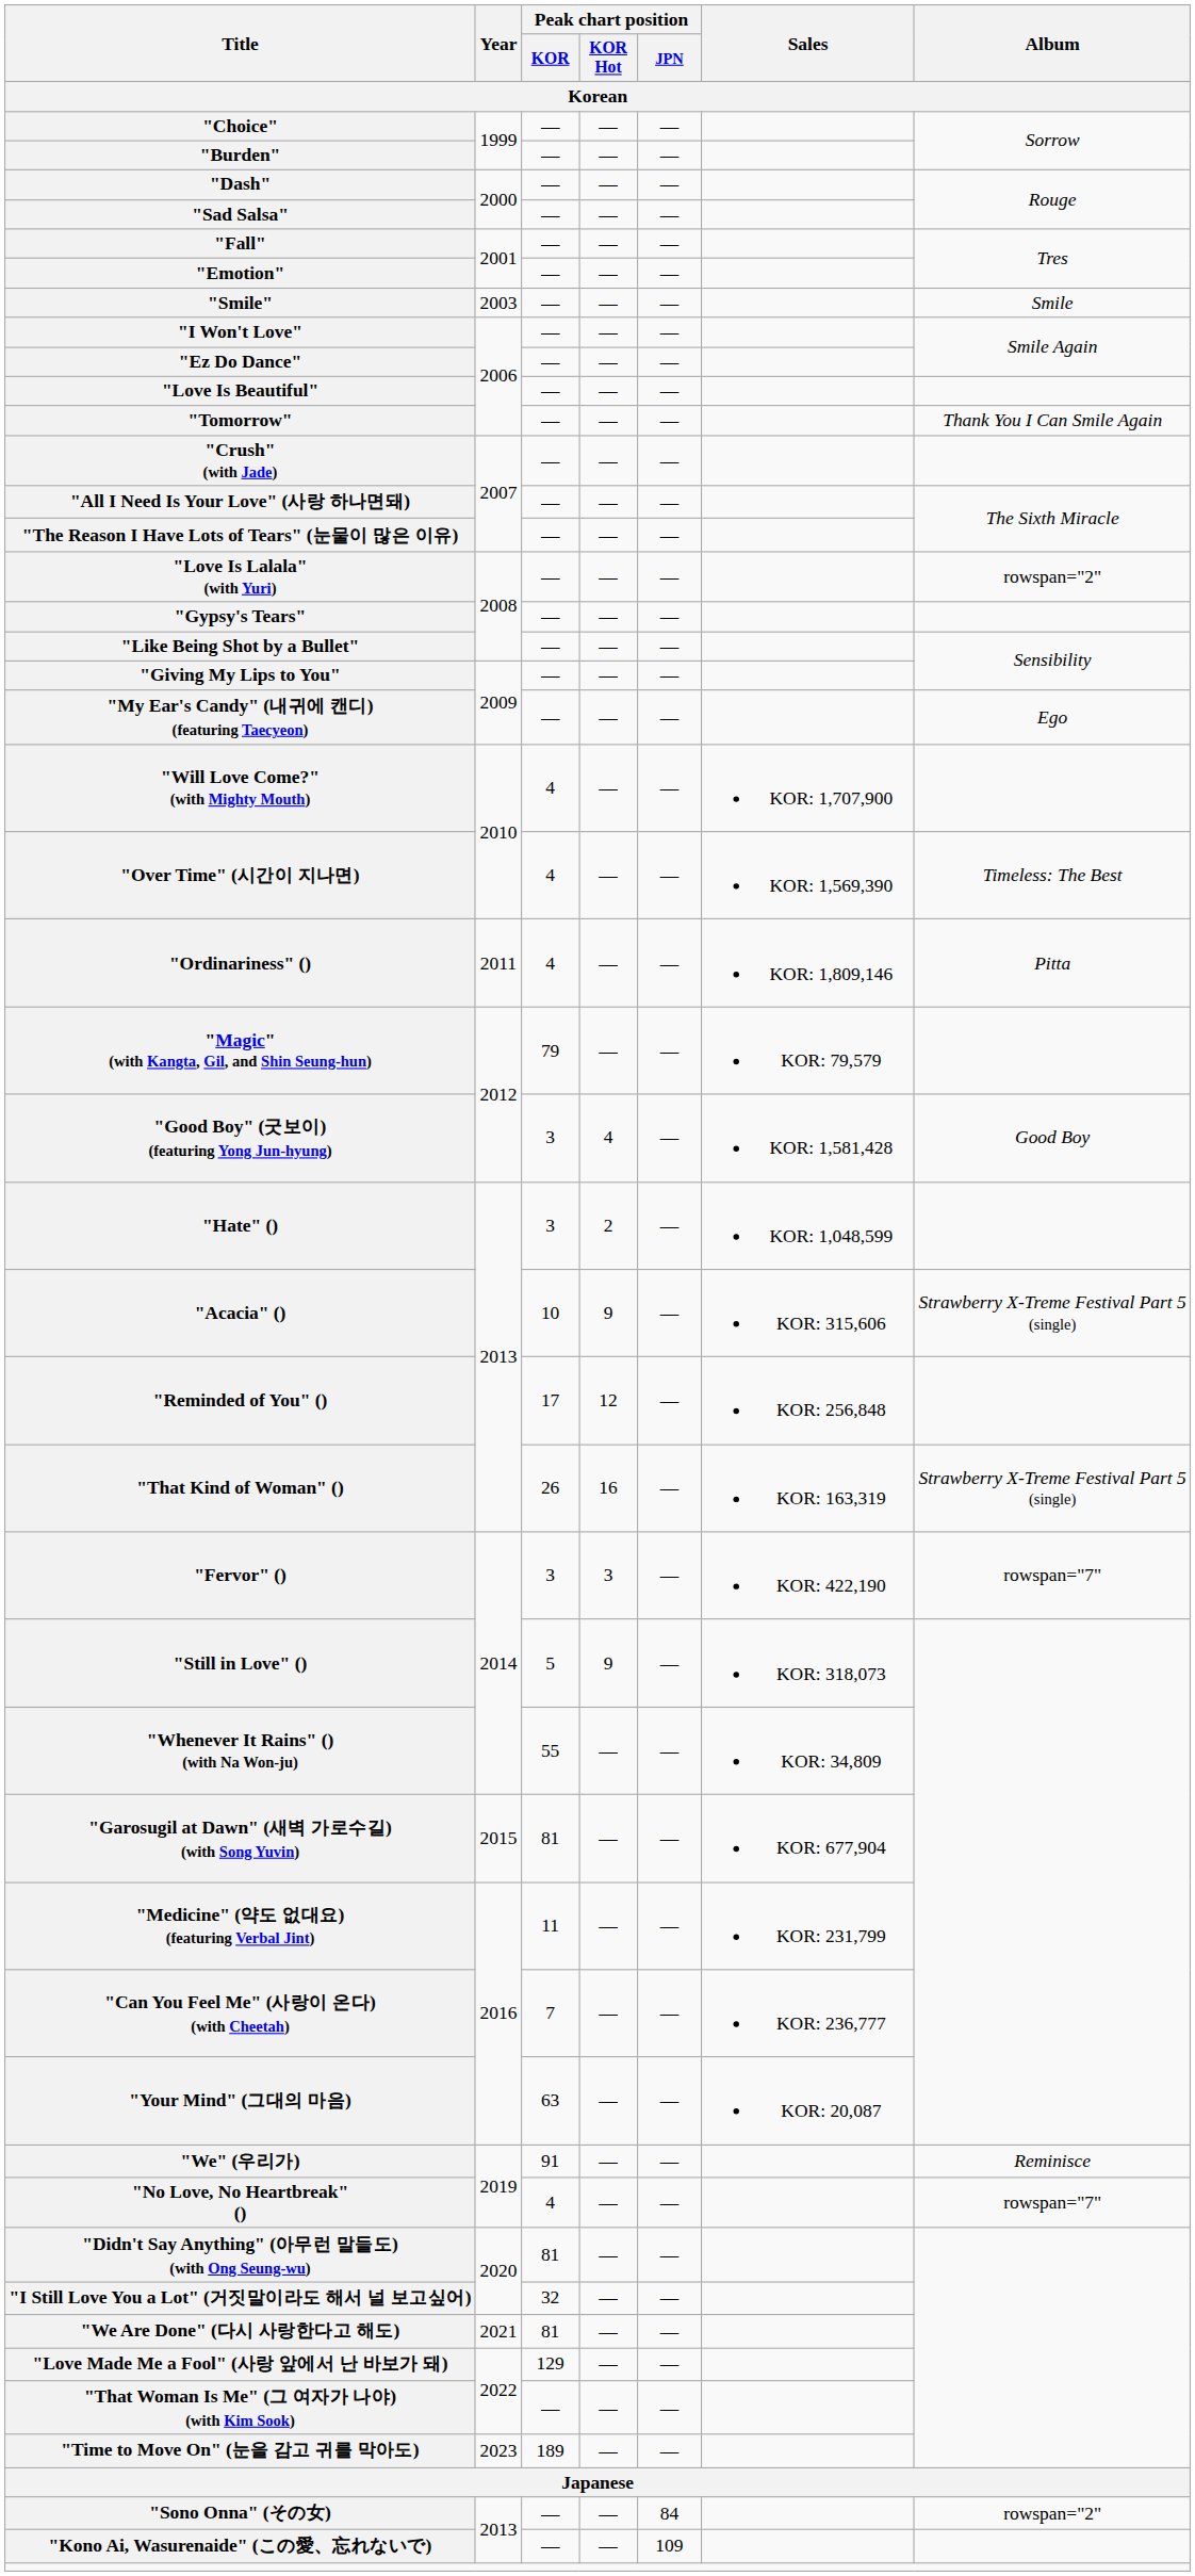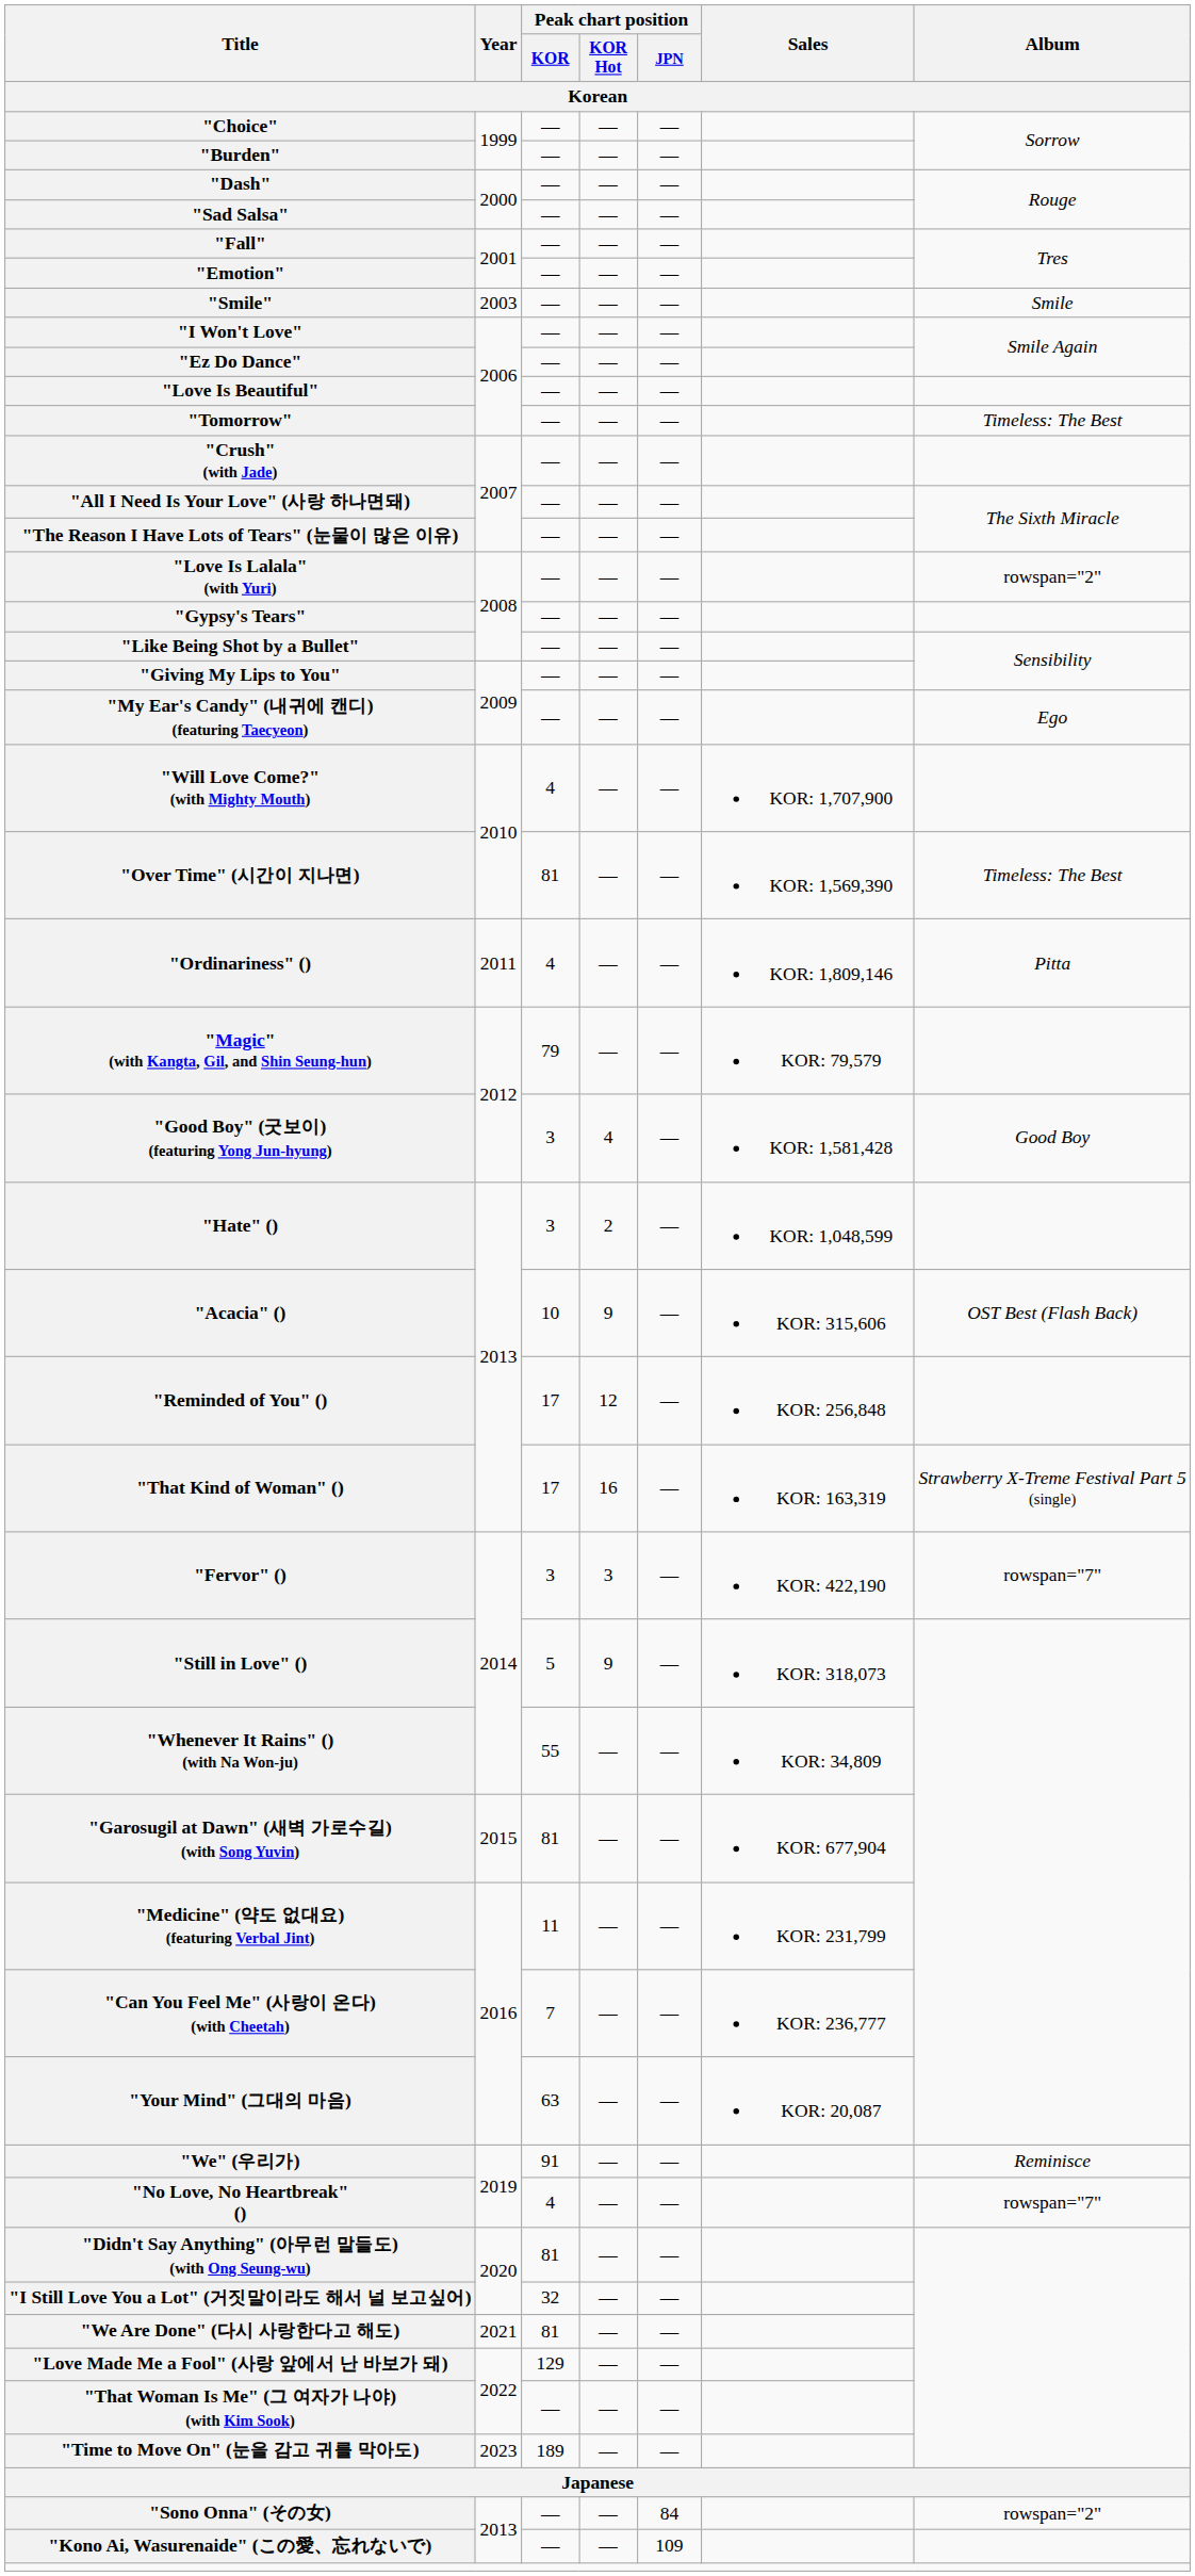 <table class="wikitable plainrowheaders" style="text-align:center;">
 <tr>
 <th scope="col" rowspan="2">Title</th>
 <th scope="col" rowspan="2">Year</th>
 <th scope="col" colspan="3">Peak chart position</th>
 <th scope="col" rowspan="2" style="width:11em;">Sales</th>
 <th scope="col" rowspan="2">Album</th>
 </tr>
 <tr>
 <th scope="col" style="width:3em;font-size:90%;"><a href='#'>KOR</a><br></th>
 <th scope="col" style="width:3em;font-size:90%;"><a href='#'>KOR Hot</a><br></th>
 <th scope="col" style="width:3em"><small><a href='#'>JPN</a></small><br></th>
 </tr>
 <tr>
 <th colspan="7">Korean</th>
 </tr>
 <tr>
 <th scope="row">"Choice"</th>
 <td rowspan="2">1999</td>
 <td>—</td>
 <td>—</td>
 <td>—</td>
 <td></td>
 <td rowspan="2"><em>Sorrow</em></td>
 </tr>
 <tr>
 <th scope="row">"Burden"</th>
 <td>—</td>
 <td>—</td>
 <td>—</td>
 <td></td>
 </tr>
 <tr>
 <th scope="row">"Dash"</th>
 <td rowspan="2">2000</td>
 <td>—</td>
 <td>—</td>
 <td>—</td>
 <td></td>
 <td rowspan="2"><em>Rouge</em></td>
 </tr>
 <tr>
 <th scope="row">"Sad Salsa"</th>
 <td>—</td>
 <td>—</td>
 <td>—</td>
 </tr>
 <tr>
 <th scope="row">"Fall"</th>
 <td rowspan="2">2001</td>
 <td>—</td>
 <td>—</td>
 <td>—</td>
 <td></td>
 <td rowspan="2"><em>Tres</em></td>
 </tr>
 <tr>
 <th scope="row">"Emotion"</th>
 <td>—</td>
 <td>—</td>
 <td>—</td>
 <td></td>
 </tr>
 <tr>
 <th scope="row">"Smile"</th>
 <td>2003</td>
 <td>—</td>
 <td>—</td>
 <td>—</td>
 <td></td>
 <td><em>Smile</em></td>
 </tr>
 <tr>
 <th scope="row">"I Won't Love"</th>
 <td rowspan="4">2006</td>
 <td>—</td>
 <td>—</td>
 <td>—</td>
 <td></td>
 <td rowspan="2"><em>Smile Again</em></td>
 </tr>
 <tr>
 <th scope="row">"Ez Do Dance"</th>
 <td>—</td>
 <td>—</td>
 <td>—</td>
 <td></td>
 </tr>
 <tr>
 <th scope="row">"Love Is Beautiful"</th>
 <td>—</td>
 <td>—</td>
 <td>—</td>
 <td></td>
 <td></td>
 </tr>
 <tr>
 <th scope="row">"Tomorrow"</th>
 <td>—</td>
 <td>—</td>
 <td>—</td>
 <td></td>
-<td><em>Thank You I Can Smile Again</em></td>
+<td><em>Timeless: The Best</em></td>
 </tr>
 <tr>
 <th scope="row">"Crush"<br><small>(with <a href='#'>Jade</a>)</small></th>
 <td rowspan="3">2007</td>
 <td>—</td>
 <td>—</td>
 <td>—</td>
 <td></td>
 <td></td>
 </tr>
 <tr>
 <th scope="row">"All I Need Is Your Love" (사랑 하나면돼)</th>
 <td>—</td>
 <td>—</td>
 <td>—</td>
 <td></td>
 <td rowspan="2"><em>The Sixth Miracle</em></td>
 </tr>
 <tr>
 <th scope="row">"The Reason I Have Lots of Tears" (눈물이 많은 이유)</th>
 <td>—</td>
 <td>—</td>
 <td>—</td>
 <td></td>
 </tr>
 <tr>
 <th scope="row">"Love Is Lalala"<br><small>(with <a href='#'>Yuri</a>)</small></th>
 <td rowspan="3">2008</td>
 <td>—</td>
 <td>—</td>
 <td>—</td>
 <td></td>
 <td>rowspan="2" </td>
 </tr>
 <tr>
 <th scope="row">"Gypsy's Tears"</th>
 <td>—</td>
 <td>—</td>
 <td>—</td>
 <td></td>
 </tr>
 <tr>
 <th scope="row">"Like Being Shot by a Bullet"</th>
 <td>—</td>
 <td>—</td>
 <td>—</td>
 <td></td>
 <td rowspan="2"><em>Sensibility</em></td>
 </tr>
 <tr>
 <th scope="row">"Giving My Lips to You"</th>
 <td rowspan="2">2009</td>
 <td>—</td>
 <td>—</td>
 <td>—</td>
 <td></td>
 </tr>
 <tr>
 <th scope="row">"My Ear's Candy" (내귀에 캔디)<br><small>(featuring <a href='#'>Taecyeon</a>)</small></th>
 <td>—</td>
 <td>—</td>
 <td>—</td>
 <td></td>
 <td><em>Ego</em></td>
 </tr>
 <tr>
 <th scope="row">"Will Love Come?"<br><small>(with <a href='#'>Mighty Mouth</a>)</small></th>
 <td rowspan="2">2010</td>
 <td>4</td>
 <td>—</td>
 <td>—</td>
 <td><br><ul><li>KOR: 1,707,900</li></ul></td>
 <td></td>
 </tr>
 <tr>
 <th scope="row">"Over Time" (시간이 지나면)</th>
-<td>4</td>
+<td>81</td>
 <td>—</td>
 <td>—</td>
 <td><br><ul><li>KOR: 1,569,390</li></ul></td>
 <td><em>Timeless: The Best</em></td>
 </tr>
 <tr>
 <th scope="row">"Ordinariness" ()</th>
 <td>2011</td>
 <td>4</td>
 <td>—</td>
 <td>—</td>
 <td><br><ul><li>KOR: 1,809,146</li></ul></td>
 <td><em>Pitta</em></td>
 </tr>
 <tr>
 <th scope="row">"<a href='#'>Magic</a>" <br><small>(with <a href='#'>Kangta</a>, <a href='#'>Gil</a>, and <a href='#'>Shin Seung-hun</a>)</small></th>
 <td rowspan="2">2012</td>
 <td>79</td>
 <td>—</td>
 <td>—</td>
 <td><br><ul><li>KOR: 79,579</li></ul></td>
 <td></td>
 </tr>
 <tr>
 <th scope="row">"Good Boy" (굿보이)<br><small>(featuring <a href='#'>Yong Jun-hyung</a>)</small></th>
 <td>3</td>
 <td>4</td>
 <td>—</td>
 <td><br><ul><li>KOR: 1,581,428</li></ul></td>
 <td><em>Good Boy</em></td>
 </tr>
 <tr>
 <th scope="row">"Hate" ()</th>
 <td rowspan="4">2013</td>
 <td>3</td>
 <td>2</td>
 <td>—</td>
 <td><br><ul><li>KOR: 1,048,599</li></ul></td>
 <td></td>
 </tr>
 <tr>
 <th scope="row">"Acacia" ()</th>
 <td>10</td>
 <td>9</td>
 <td>—</td>
 <td><br><ul><li>KOR: 315,606</li></ul></td>
-<td><em>Strawberry X-Treme Festival Part 5</em> <br><small>(single)</small></td>
+<td><em>OST Best (Flash Back)</em></td>
 </tr>
 <tr>
 <th scope="row">"Reminded of You" ()</th>
 <td>17</td>
 <td>12</td>
 <td>—</td>
 <td><br><ul><li>KOR: 256,848</li></ul></td>
 <td></td>
 </tr>
 <tr>
 <th scope="row">"That Kind of Woman" ()</th>
-<td>26</td>
+<td>17</td>
 <td>16</td>
 <td>—</td>
 <td><br><ul><li>KOR: 163,319</li></ul></td>
 <td><em>Strawberry X-Treme Festival Part 5</em> <br><small>(single)</small></td>
 </tr>
 <tr>
 <th scope="row">"Fervor" ()</th>
 <td rowspan="3">2014</td>
 <td>3</td>
 <td>3</td>
 <td>—</td>
 <td><br><ul><li>KOR: 422,190</li></ul></td>
 <td>rowspan="7" </td>
 </tr>
 <tr>
 <th scope="row">"Still in Love" ()</th>
 <td>5</td>
 <td>9</td>
 <td>—</td>
 <td><br><ul><li>KOR: 318,073</li></ul></td>
 </tr>
 <tr>
 <th scope="row">"Whenever It Rains" ()<br><small>(with Na Won-ju)</small></th>
 <td>55</td>
 <td>—</td>
 <td>—</td>
 <td><br><ul><li>KOR: 34,809</li></ul></td>
 </tr>
 <tr>
 <th scope="row">"Garosugil at Dawn" (새벽 가로수길)<br><small>(with <a href='#'>Song Yuvin</a>)</small></th>
 <td>2015</td>
 <td>81</td>
 <td>—</td>
 <td>—</td>
 <td><br><ul><li>KOR: 677,904</li></ul></td>
 </tr>
 <tr>
 <th scope="row">"Medicine" (약도 없대요)<br><small>(featuring <a href='#'>Verbal Jint</a>)</small></th>
 <td rowspan="3">2016</td>
 <td>11</td>
 <td>—</td>
 <td>—</td>
 <td><br><ul><li>KOR: 231,799</li></ul></td>
 </tr>
 <tr>
 <th scope="row">"Can You Feel Me" (사랑이 온다)<br><small>(with <a href='#'>Cheetah</a>)</small></th>
 <td>7</td>
 <td>—</td>
 <td>—</td>
 <td><br><ul><li>KOR: 236,777</li></ul></td>
 </tr>
 <tr>
 <th scope="row">"Your Mind" (그대의 마음)</th>
 <td>63</td>
 <td>—</td>
 <td>—</td>
 <td><br><ul><li>KOR: 20,087</li></ul></td>
 </tr>
 <tr>
 <th scope="row">"We" (우리가)</th>
 <td rowspan="2">2019</td>
 <td>91</td>
 <td>—</td>
 <td>—</td>
 <td></td>
 <td><em>Reminisce</em></td>
 </tr>
 <tr>
 <th scope="row">"No Love, No Heartbreak"<br>()</th>
 <td>4</td>
 <td>—</td>
 <td>—</td>
 <td></td>
 <td>rowspan="7" </td>
 </tr>
 <tr>
 <th scope="row">"Didn't Say Anything" (아무런 말들도)<br><small>(with <a href='#'>Ong Seung-wu</a>)</small></th>
 <td rowspan="2">2020</td>
 <td>81</td>
 <td>—</td>
 <td>—</td>
 <td></td>
 </tr>
 <tr>
 <th scope="row">"I Still Love You a Lot" (거짓말이라도 해서 널 보고싶어)</th>
 <td>32</td>
 <td>—</td>
 <td>—</td>
 <td></td>
 </tr>
 <tr>
 <th scope="row">"We Are Done" (다시 사랑한다고 해도)</th>
 <td>2021</td>
 <td>81</td>
 <td>—</td>
 <td>—</td>
 <td></td>
 </tr>
 <tr>
 <th scope="row">"Love Made Me a Fool" (사랑 앞에서 난 바보가 돼)</th>
 <td rowspan=2>2022</td>
 <td>129</td>
 <td>—</td>
 <td>—</td>
 <td></td>
 </tr>
 <tr>
 <th scope="row">"That Woman Is Me" (그 여자가 나야)<br><small>(with <a href='#'>Kim Sook</a>)</small></th>
 <td>—</td>
 <td>—</td>
 <td>—</td>
 <td></td>
 </tr>
 <tr>
 <th scope="row">"Time to Move On" (눈을 감고 귀를 막아도)<br></th>
 <td>2023</td>
 <td>189</td>
 <td>—</td>
 <td>—</td>
 <td></td>
 </tr>
 <tr>
 <th colspan="7">Japanese</th>
 </tr>
 <tr>
 <th scope="row">"Sono Onna" (その女)</th>
 <td rowspan="2">2013</td>
 <td>—</td>
 <td>—</td>
 <td>84</td>
 <td></td>
 <td>rowspan="2" </td>
 </tr>
 <tr>
 <th scope="row">"Kono Ai, Wasurenaide" (この愛、忘れないで)</th>
 <td>—</td>
 <td>—</td>
 <td>109</td>
 <td></td>
 </tr>
 <tr>
 <td colspan="7"></td>
 </tr>
 </table>
